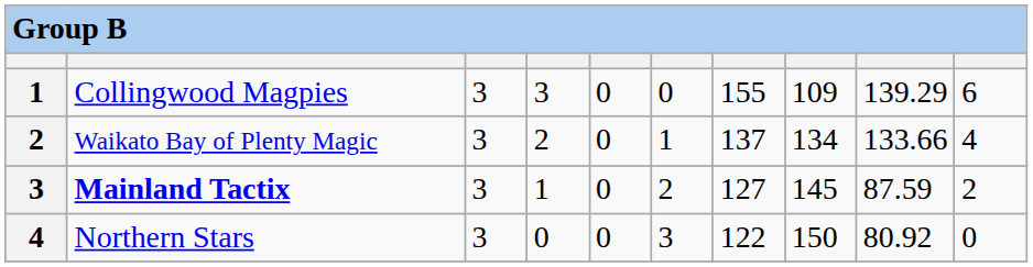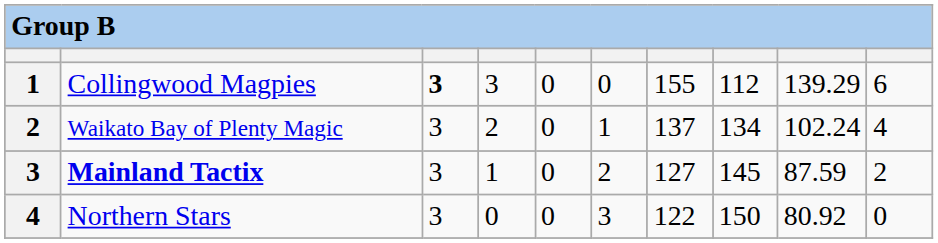 <table class="wikitable collapsible">
 <tr>
 <td colspan=11 style="background-color:#ABCDEF"><strong>Group B</strong></td>
 </tr>
 <tr>
 <th width="25"></th>
 <th width="200"></th>
 <th width="25"></th>
 <th width="25"></th>
 <th width="25"></th>
 <th width="25"></th>
 <th width="30"></th>
 <th width="30"></th>
 <th width="30"></th>
 <th width="30"></th>
 </tr>
 <tr style="background:#">
 <th>1</th>
 <td style="text-align:left;"> <a href='#'>Collingwood Magpies</a></td>
-<td>3</td>
+<td><strong>3</strong></td>
 <td>3</td>
 <td>0</td>
 <td>0</td>
 <td>155</td>
-<td>109</td>
+<td>112</td>
 <td>139.29</td>
 <td>6</td>
 </tr>
 <tr style="background:#">
 <th>2</th>
 <td style="text-align:left;"> <small><a href='#'>Waikato Bay of Plenty Magic</a></small></td>
 <td>3</td>
 <td>2</td>
 <td>0</td>
 <td>1</td>
 <td>137</td>
 <td>134</td>
-<td>133.66</td>
+<td>102.24</td>
 <td>4</td>
 </tr>
 <tr style="background:#">
 <th>3</th>
 <td style="text-align:left;"> <strong><a href='#'>Mainland Tactix</a></strong></td>
 <td>3</td>
 <td>1</td>
 <td>0</td>
 <td>2</td>
 <td>127</td>
 <td>145</td>
 <td>87.59</td>
 <td>2</td>
 </tr>
 <tr style="background:#">
 <th>4</th>
 <td style="text-align:left;"> <a href='#'>Northern Stars</a></td>
 <td>3</td>
 <td>0</td>
 <td>0</td>
 <td>3</td>
 <td>122</td>
 <td>150</td>
 <td>80.92</td>
 <td>0</td>
 </tr>
 </table>
